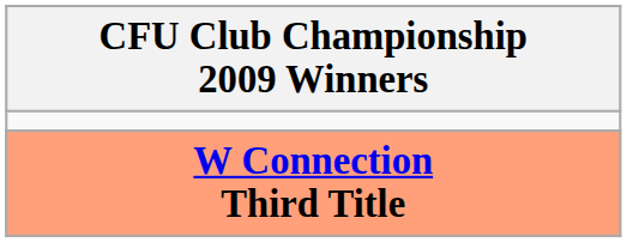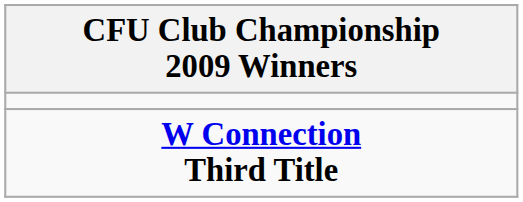 <table class="wikitable" style="text-align: center; margin: 0 auto; width: 20%">
 <tr>
 <th>CFU Club Championship<br>2009 Winners</th>
 </tr>
 <tr>
 <td></td>
 </tr>
 <tr>
-<td style="background: lightsalmon;"><strong><a href='#'>W Connection</a></strong><br><strong>Third Title</strong></td>
+<td><strong><a href='#'>W Connection</a></strong><br><strong>Third Title</strong></td>
 </tr>
 </table>
